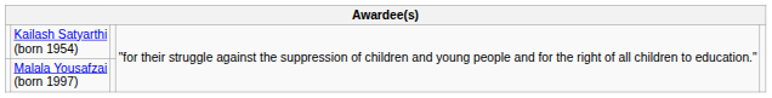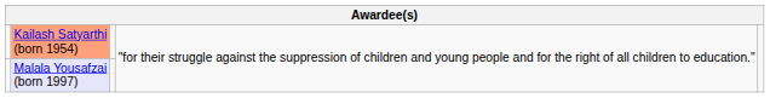 <table class="wikitable">
 <tr>
 <th colspan="5">Awardee(s)</th>
 </tr>
 <tr>
 <td></td>
-<td><a href='#'>Kailash Satyarthi</a><br>(born 1954)</td>
+<td style="background: lightsalmon;"><a href='#'>Kailash Satyarthi</a><br>(born 1954)</td>
 <td></td>
 <td rowspan="2">"for their struggle against the suppression of children and young people and for the right of all children to education."</td>
 <td rowspan="2"></td>
 </tr>
 <tr>
 <td></td>
-<td><a href='#'>Malala Yousafzai</a><br>(born 1997)</td>
+<td style="background: lavender;"><a href='#'>Malala Yousafzai</a><br>(born 1997)</td>
 <td></td>
 </tr>
 </table>
